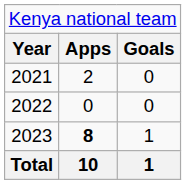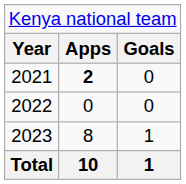 <table class="wikitable" style="text-align:center">
 <tr>
 <td colspan="3"><a href='#'>Kenya national team</a></td>
 </tr>
 <tr>
 <th>Year</th>
 <th>Apps</th>
 <th>Goals</th>
 </tr>
 <tr>
 <td>2021</td>
-<td>2</td>
+<td><strong>2</strong></td>
 <td>0</td>
 </tr>
 <tr>
 <td>2022</td>
 <td>0</td>
 <td>0</td>
 </tr>
 <tr>
 <td>2023</td>
-<td><strong>8</strong></td>
+<td>8</td>
 <td>1</td>
 </tr>
 <tr>
 <th>Total</th>
 <th>10</th>
 <th>1</th>
 </tr>
 </table>
